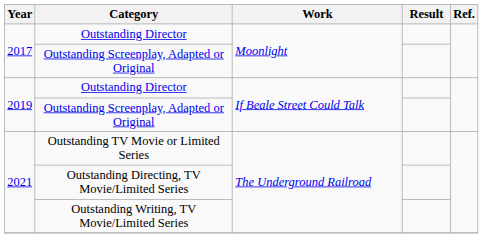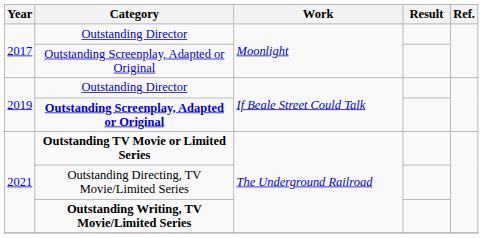 <table class="wikitable">
 <tr>
 <th scope="col" style="width:1em;">Year</th>
 <th scope="col" style="width:39em;">Category</th>
 <th scope="col" style="width:33em;">Work</th>
 <th scope="col" style="width:5em;">Result</th>
 <th>Ref.</th>
 </tr>
 <tr>
 <td rowspan="2" align="center"><a href='#'>2017</a></td>
 <td align="center"><a href='#'>Outstanding Director</a></td>
 <td rowspan="2"><em><a href='#'>Moonlight</a></em></td>
 <td></td>
 <td rowspan="2"></td>
 </tr>
 <tr>
 <td align="center"><a href='#'>Outstanding Screenplay, Adapted or Original</a></td>
 <td></td>
 </tr>
 <tr>
 <td rowspan="2" align="center"><a href='#'>2019</a></td>
 <td align="center"><a href='#'>Outstanding Director</a></td>
 <td rowspan="2"><em><a href='#'>If Beale Street Could Talk</a></em></td>
 <td></td>
 <td rowspan="2"></td>
 </tr>
 <tr>
-<td align="center"><a href='#'>Outstanding Screenplay, Adapted or Original</a></td>
+<td align="center"><strong><a href='#'>Outstanding Screenplay, Adapted or Original</a></strong></td>
 <td></td>
 </tr>
 <tr>
 <td rowspan="3"><a href='#'>2021</a></td>
-<td align="center">Outstanding TV Movie or Limited Series</td>
+<td align="center"><strong>Outstanding TV Movie or Limited Series</strong></td>
 <td rowspan="3"><em><a href='#'>The Underground Railroad</a></em></td>
 <td></td>
 <td rowspan="3" style="text-align:center;"></td>
 </tr>
 <tr>
 <td align="center">Outstanding Directing, TV Movie/Limited Series</td>
 <td></td>
 </tr>
 <tr>
-<td align="center">Outstanding Writing, TV Movie/Limited Series</td>
+<td align="center"><strong>Outstanding Writing, TV Movie/Limited Series</strong></td>
 <td></td>
 </tr>
 <tr>
 </tr>
 </table>
